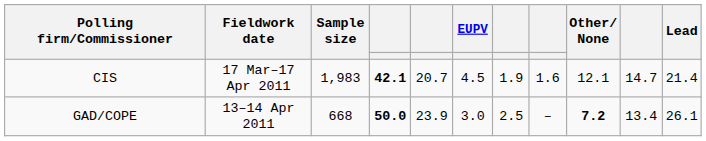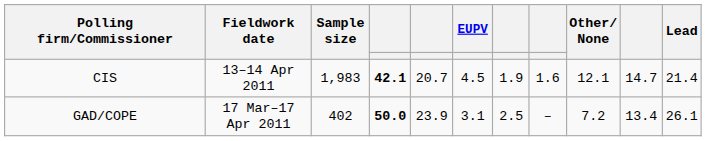 <table class="wikitable collapsible collapsed" style="text-align:center; font-size:90%; line-height:14px;">
 <tr style="height:42px;">
 <th style="width:250px;" rowspan="2">Polling firm/Commissioner</th>
 <th style="width:125px;" rowspan="2">Fieldwork date</th>
 <th style="width:50px;" rowspan="2">Sample size</th>
 <th style="width:35px;"></th>
 <th style="width:35px;"></th>
 <th style="width:35px; font-size:95%;"><a href='#'>EUPV</a></th>
 <th style="width:35px;"></th>
 <th style="width:35px;"></th>
 <th style="width:35px;" rowspan="2">Other/<br>None</th>
 <th style="width:35px;" rowspan="2"></th>
 <th style="width:30px;" rowspan="2">Lead</th>
 </tr>
 <tr>
 <th style="color:inherit;background:"></th>
 <th style="color:inherit;background:"></th>
 <th style="color:inherit;background:"></th>
 <th style="color:inherit;background:"></th>
 <th style="color:inherit;background:"></th>
 </tr>
 <tr>
 <td>CIS</td>
-<td>17 Mar–17 Apr 2011</td>
+<td>13–14 Apr 2011</td>
 <td>1,983</td>
 <td><strong>42.1</strong></td>
 <td>20.7</td>
 <td>4.5</td>
 <td>1.9</td>
 <td>1.6</td>
 <td>12.1</td>
 <td>14.7</td>
 <td style="background:">21.4</td>
 </tr>
 <tr>
 <td>GAD/COPE</td>
-<td>13–14 Apr 2011</td>
-<td>668</td>
+<td>17 Mar–17 Apr 2011</td>
+<td>402</td>
 <td><strong>50.0</strong></td>
 <td>23.9</td>
-<td>3.0</td>
+<td>3.1</td>
 <td>2.5</td>
 <td>–</td>
-<td><strong>7.2</strong></td>
+<td>7.2</td>
 <td>13.4</td>
 <td style="background:">26.1</td>
 </tr>
 </table>
